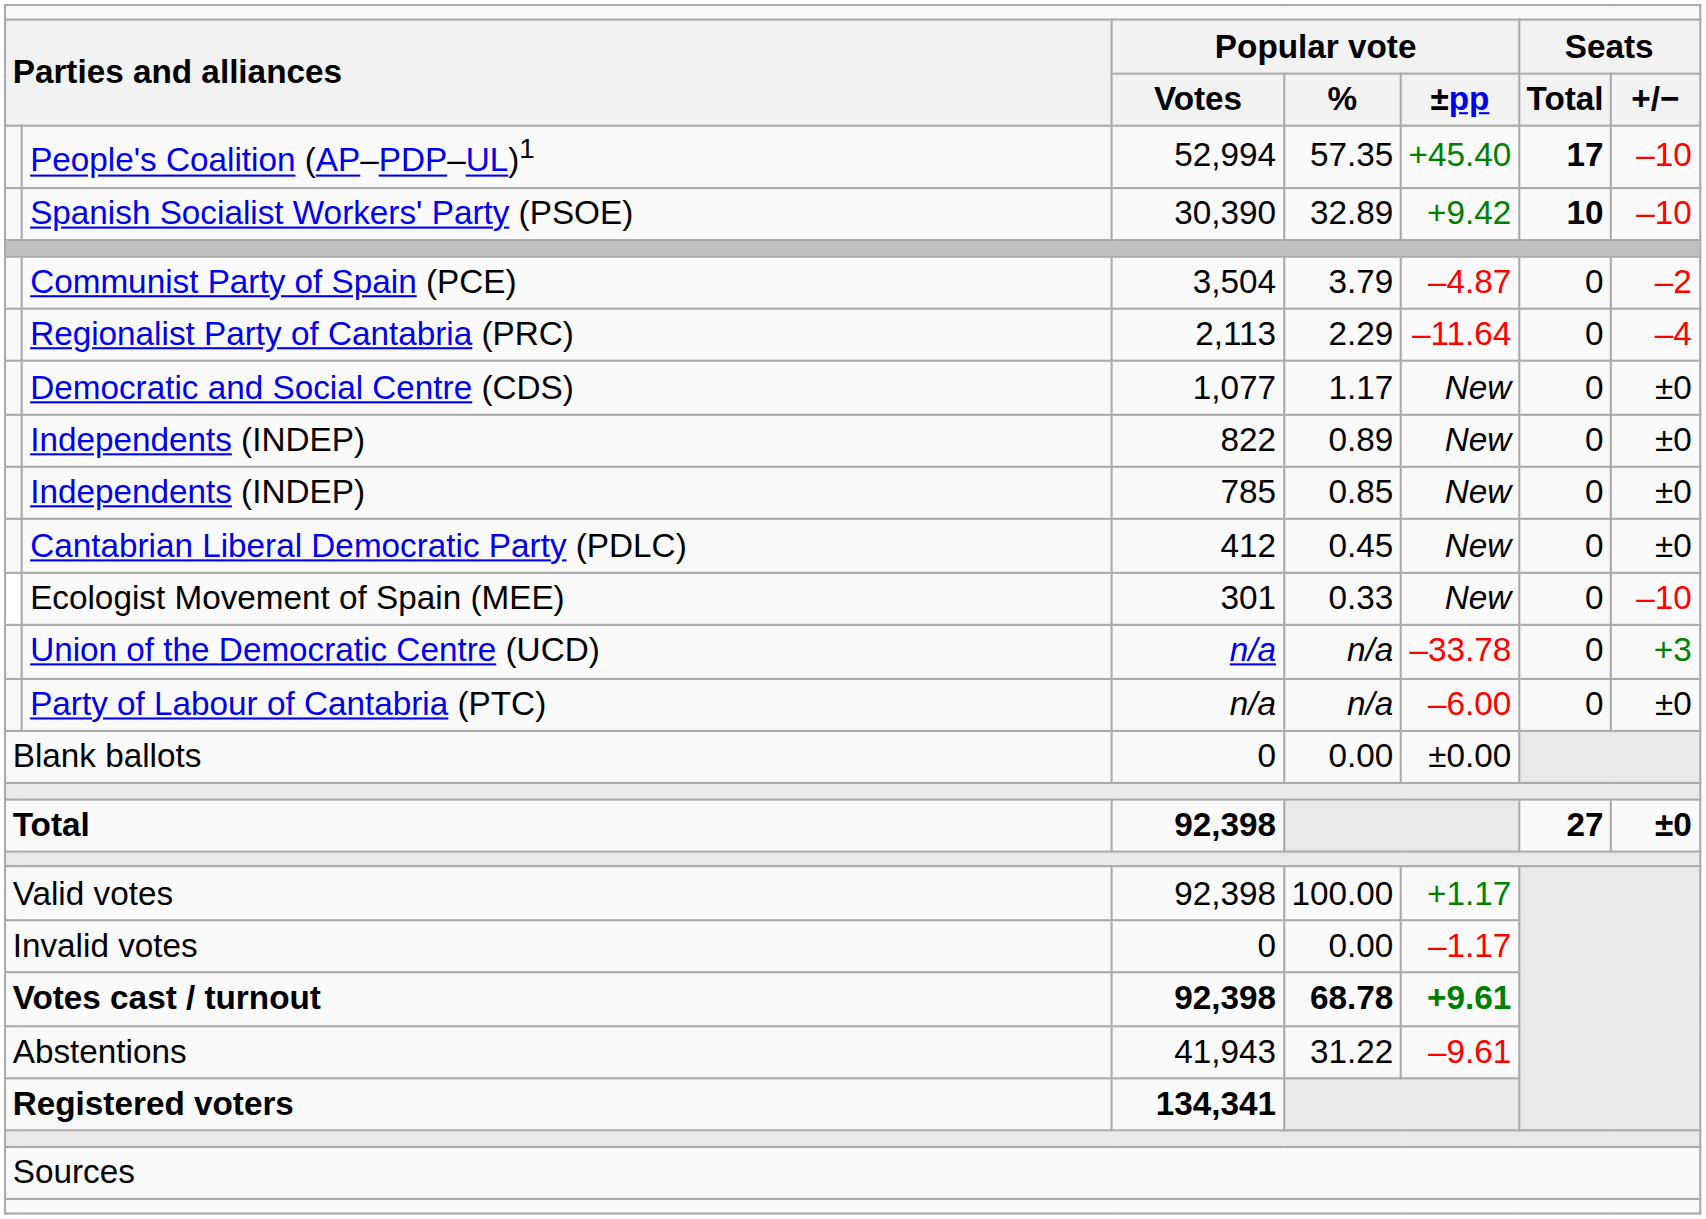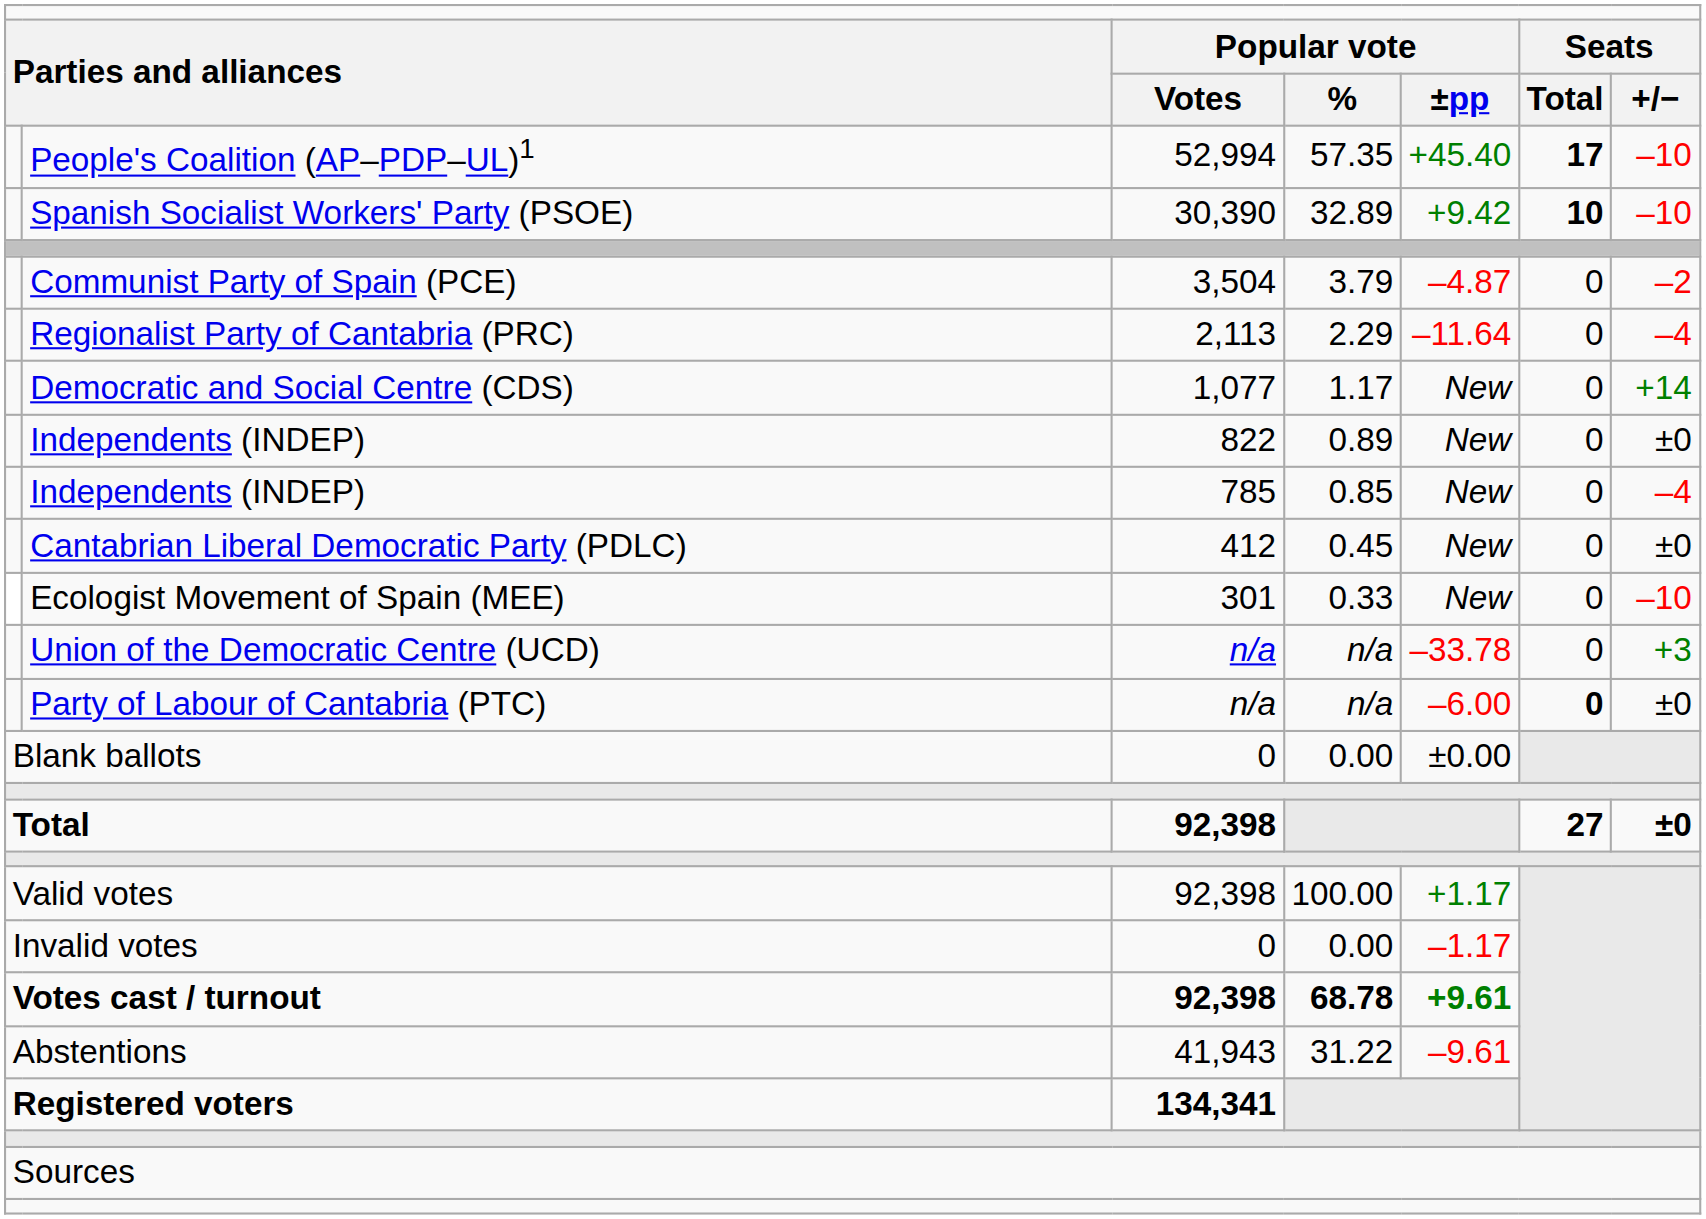 <table class="wikitable" style="text-align:right;">
 <tr>
 <td colspan="7"></td>
 </tr>
 <tr>
 <th style="text-align:left;" rowspan="2" colspan="2" width="525">Parties and alliances</th>
 <th colspan="3">Popular vote</th>
 <th colspan="2">Seats</th>
 </tr>
 <tr>
 <th width="75">Votes</th>
 <th width="45">%</th>
 <th width="45">±<a href='#'>pp</a></th>
 <th width="35">Total</th>
 <th width="35">+/−</th>
 </tr>
 <tr>
 <td width="1" style="color:inherit;background:"></td>
 <td align="left"><a href='#'>People's Coalition</a> (<a href='#'>AP</a>–<a href='#'>PDP</a>–<a href='#'>UL</a>)<sup>1</sup></td>
 <td>52,994</td>
 <td>57.35</td>
 <td style="color:green;">+45.40</td>
 <td><strong>17</strong></td>
 <td style="color:red;">–10</td>
 </tr>
 <tr>
 <td style="color:inherit;background:"></td>
 <td align="left"><a href='#'>Spanish Socialist Workers' Party</a> (PSOE)</td>
 <td>30,390</td>
 <td>32.89</td>
 <td style="color:green;">+9.42</td>
 <td><strong>10</strong></td>
 <td style="color:red;">–10</td>
 </tr>
 <tr>
 <td colspan="7" bgcolor="#C0C0C0"></td>
 </tr>
 <tr>
 <td style="color:inherit;background:"></td>
 <td align="left"><a href='#'>Communist Party of Spain</a> (PCE)</td>
 <td>3,504</td>
 <td>3.79</td>
 <td style="color:red;">–4.87</td>
 <td>0</td>
 <td style="color:red;">–2</td>
 </tr>
 <tr>
 <td style="color:inherit;background:"></td>
 <td align="left"><a href='#'>Regionalist Party of Cantabria</a> (PRC)</td>
 <td>2,113</td>
 <td>2.29</td>
 <td style="color:red;">–11.64</td>
 <td>0</td>
 <td style="color:red;">–4</td>
 </tr>
 <tr>
 <td style="color:inherit;background:"></td>
 <td align="left"><a href='#'>Democratic and Social Centre</a> (CDS)</td>
 <td>1,077</td>
 <td>1.17</td>
 <td><em>New</em></td>
 <td>0</td>
-<td>±0</td>
+<td style="color:green;">+14</td>
 </tr>
 <tr>
 <td style="color:inherit;background:"></td>
 <td align="left"><a href='#'>Independents</a> (INDEP)</td>
 <td>822</td>
 <td>0.89</td>
 <td><em>New</em></td>
 <td>0</td>
 <td>±0</td>
 </tr>
 <tr>
 <td style="color:inherit;background:"></td>
 <td align="left"><a href='#'>Independents</a> (INDEP)</td>
 <td>785</td>
 <td>0.85</td>
 <td><em>New</em></td>
 <td>0</td>
-<td>±0</td>
+<td style="color:red;">–4</td>
 </tr>
 <tr>
 <td style="color:inherit;background:"></td>
 <td align="left"><a href='#'>Cantabrian Liberal Democratic Party</a> (PDLC)</td>
 <td>412</td>
 <td>0.45</td>
 <td><em>New</em></td>
 <td>0</td>
 <td>±0</td>
 </tr>
 <tr>
 <td bgcolor="white"></td>
 <td align="left">Ecologist Movement of Spain (MEE)</td>
 <td>301</td>
 <td>0.33</td>
 <td><em>New</em></td>
 <td>0</td>
 <td style="color:red;">–10</td>
 </tr>
 <tr>
 <td style="color:inherit;background:"></td>
 <td align="left"><a href='#'>Union of the Democratic Centre</a> (UCD)</td>
 <td><em><a href='#'>n/a</a></em></td>
 <td><em>n/a</em></td>
 <td style="color:red;">–33.78</td>
 <td>0</td>
 <td style="color:green;">+3</td>
 </tr>
 <tr>
 <td style="color:inherit;background:"></td>
 <td align="left"><a href='#'>Party of Labour of Cantabria</a> (PTC)</td>
 <td><em>n/a</em></td>
 <td><em>n/a</em></td>
 <td style="color:red;">–6.00</td>
-<td>0</td>
+<td><strong>0</strong></td>
 <td>±0</td>
 </tr>
 <tr>
 <td align="left" colspan="2">Blank ballots</td>
 <td>0</td>
 <td>0.00</td>
 <td>±0.00</td>
 <td bgcolor="#E9E9E9" colspan="2"></td>
 </tr>
 <tr>
 <td colspan="7" bgcolor="#E9E9E9"></td>
 </tr>
 <tr style="font-weight:bold;">
 <td align="left" colspan="2">Total</td>
 <td>92,398</td>
 <td bgcolor="#E9E9E9" colspan="2"></td>
 <td>27</td>
 <td>±0</td>
 </tr>
 <tr>
 <td colspan="7" bgcolor="#E9E9E9"></td>
 </tr>
 <tr>
 <td align="left" colspan="2">Valid votes</td>
 <td>92,398</td>
 <td>100.00</td>
 <td style="color:green;">+1.17</td>
 <td bgcolor="#E9E9E9" colspan="2" rowspan="5"></td>
 </tr>
 <tr>
 <td align="left" colspan="2">Invalid votes</td>
 <td>0</td>
 <td>0.00</td>
 <td style="color:red;">–1.17</td>
 </tr>
 <tr style="font-weight:bold;">
 <td align="left" colspan="2">Votes cast / turnout</td>
 <td>92,398</td>
 <td>68.78</td>
 <td style="color:green;">+9.61</td>
 </tr>
 <tr>
 <td align="left" colspan="2">Abstentions</td>
 <td>41,943</td>
 <td>31.22</td>
 <td style="color:red;">–9.61</td>
 </tr>
 <tr style="font-weight:bold;">
 <td align="left" colspan="2">Registered voters</td>
 <td>134,341</td>
 <td bgcolor="#E9E9E9" colspan="2"></td>
 </tr>
 <tr>
 <td colspan="7" bgcolor="#E9E9E9"></td>
 </tr>
 <tr>
 <td align="left" colspan="7">Sources</td>
 </tr>
 <tr>
 <td colspan="7" style="text-align:left; max-width:790px;"></td>
 </tr>
 </table>
